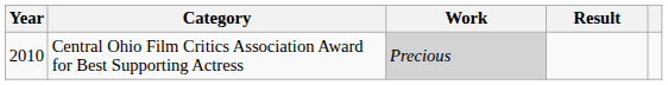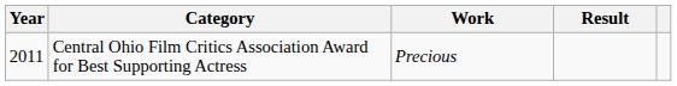 <table class="wikitable">
 <tr>
 <th scope="col" style="width:1em;">Year</th>
 <th scope="col" style="width:44em;">Category</th>
 <th scope="col" style="width:18em;">Work</th>
 <th scope="col" style="width:10em;">Result</th>
 <th class="unsortable" style="width:1em;"></th>
 </tr>
 <tr>
-<td>2010</td>
+<td>2011</td>
 <td>Central Ohio Film Critics Association Award for Best Supporting Actress</td>
-<td style="background: lightgrey;"><em>Precious</em></td>
+<td><em>Precious</em></td>
 <td></td>
 <td></td>
 </tr>
 </table>
